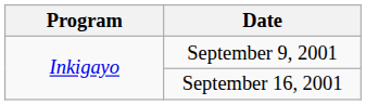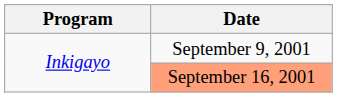 <table class="wikitable plainrowheaders" style="text-align:center">
 <tr>
 <th width="120">Program</th>
 <th width="150">Date</th>
 </tr>
 <tr>
 <td rowspan="2"><em><a href='#'>Inkigayo</a></em></td>
 <td>September 9, 2001</td>
 </tr>
 <tr>
-<td>September 16, 2001</td>
+<td style="background: lightsalmon;">September 16, 2001</td>
 </tr>
 </table>
